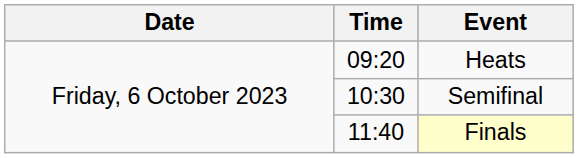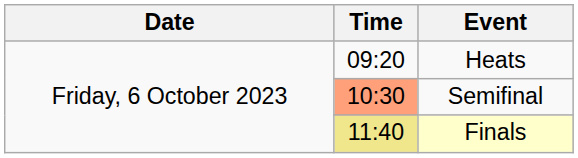 <table class = "wikitable" style="text-align:center;">
 <tr>
 <th width=220>Date</th>
 <th width=50>Time</th>
 <th width=100>Event</th>
 </tr>
 <tr>
 <td rowspan=3>Friday, 6 October 2023</td>
 <td>09:20</td>
 <td>Heats</td>
 </tr>
 <tr>
-<td>10:30</td>
+<td style="background: lightsalmon;">10:30</td>
 <td>Semifinal</td>
 </tr>
 <tr>
-<td>11:40</td>
+<td style="background: khaki;">11:40</td>
 <td bgcolor=ffffcc>Finals</td>
 </tr>
 </table>
